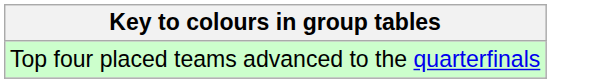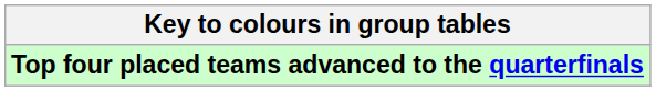 <table class="wikitable">
 <tr>
 <th>Key to colours in group tables</th>
 </tr>
 <tr style="background:#cfc;">
-<td>Top four placed teams advanced to the <a href='#'>quarterfinals</a></td>
+<td><strong>Top four placed teams advanced to the <a href='#'>quarterfinals</a></strong></td>
 </tr>
 </table>
